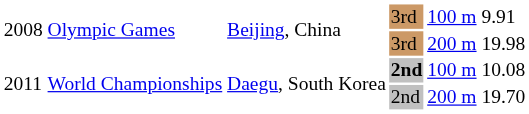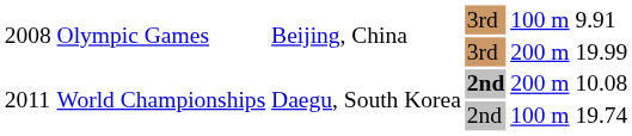 <table>
 <tr>
 <td rowspan=2>2008</td>
 <td rowspan=2><a href='#'>Olympic Games</a></td>
 <td rowspan=2><a href='#'>Beijing</a>, China</td>
 <td bgcolor=cc9966>3rd</td>
 <td><a href='#'>100 m</a></td>
 <td>9.91</td>
 </tr>
 <tr>
 <td bgcolor=cc9966>3rd</td>
 <td><a href='#'>200 m</a></td>
-<td>19.98</td>
+<td>19.99</td>
 </tr>
 <tr>
 <td rowspan=2>2011</td>
 <td rowspan=2><a href='#'>World Championships</a></td>
 <td rowspan=2><a href='#'>Daegu</a>, South Korea</td>
 <td bgcolor="silver"><strong>2nd</strong></td>
-<td><a href='#'>100 m</a></td>
+<td><a href='#'>200 m</a></td>
 <td>10.08</td>
 </tr>
 <tr>
 <td bgcolor="silver">2nd</td>
-<td><a href='#'>200 m</a></td>
-<td>19.70</td>
+<td><a href='#'>100 m</a></td>
+<td>19.74</td>
 </tr>
 </table>
